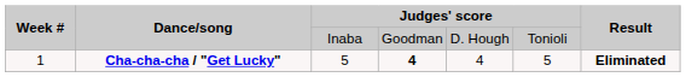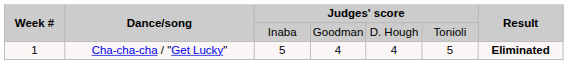 <table class="wikitable" style="float:left;">
 <tr style="text-align:Center; background:#ccc;">
 <td rowspan="2"><strong>Week #</strong></td>
 <td rowspan="2"><strong>Dance/song</strong></td>
 <td colspan="4"><strong>Judges' score</strong></td>
 <td rowspan="2"><strong>Result</strong></td>
 </tr>
 <tr style="text-align:center; background:#ccc;">
 <td style="width:10%; ">Inaba</td>
 <td style="width:10%; ">Goodman</td>
 <td style="width:10%; ">D. Hough</td>
 <td style="width:10%; ">Tonioli</td>
 </tr>
 <tr style="text-align:center; background:#faf6f6;">
 <td>1</td>
-<td><strong><a href='#'>Cha-cha-cha</a> / "<a href='#'>Get Lucky</a>"</strong></td>
+<td><a href='#'>Cha-cha-cha</a> / "<a href='#'>Get Lucky</a>"</td>
 <td>5</td>
-<td><strong>4</strong></td>
+<td>4</td>
 <td>4</td>
 <td>5</td>
 <td><strong>Eliminated</strong></td>
 </tr>
 </table>
